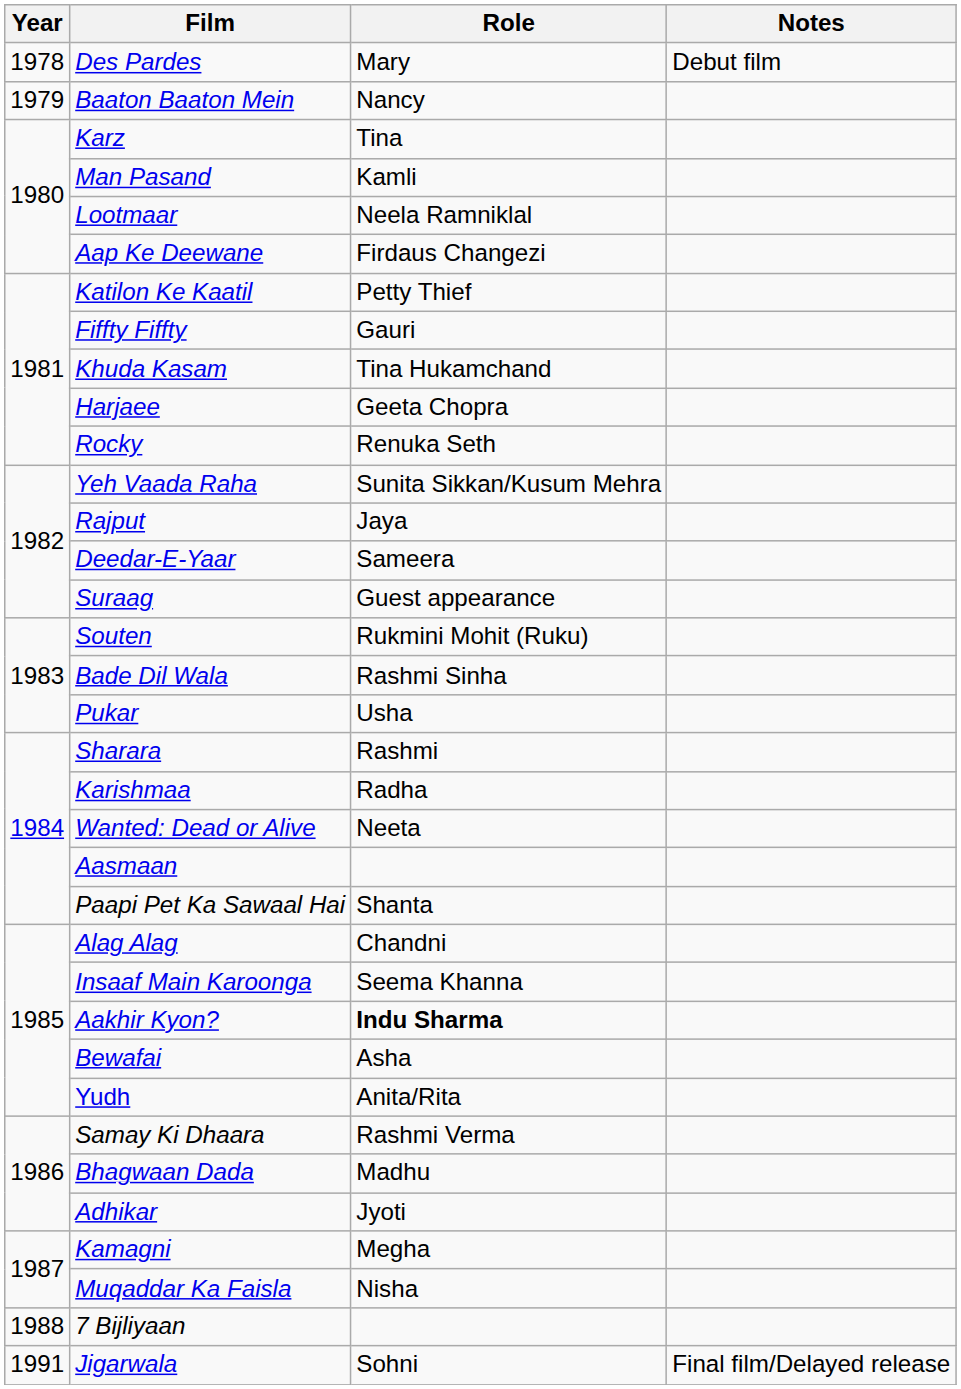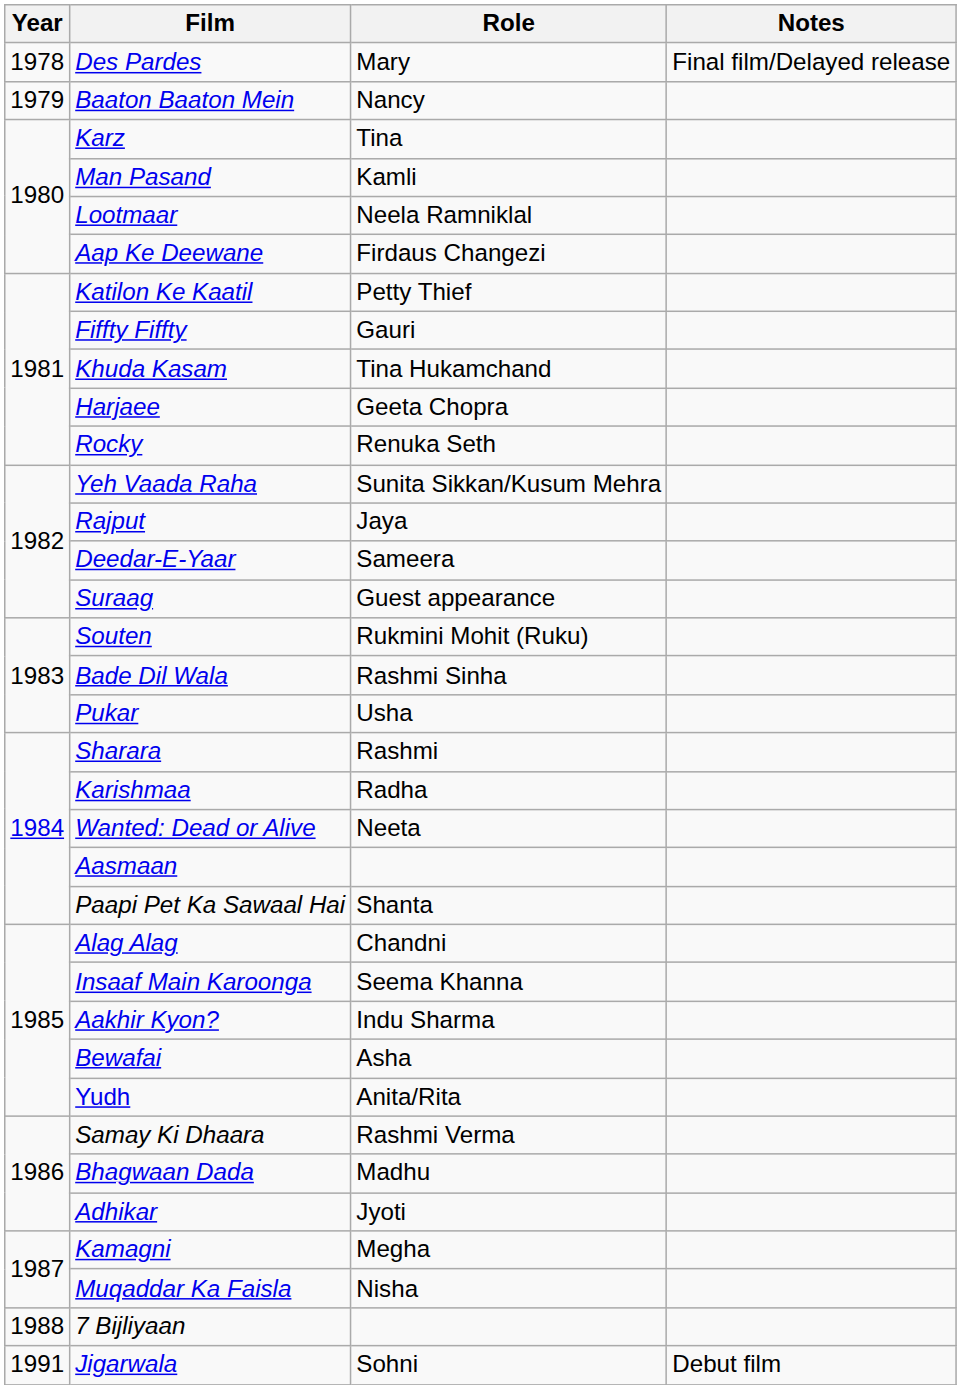 <table class="wikitable">
 <tr>
 <th>Year</th>
 <th>Film</th>
 <th>Role</th>
 <th>Notes</th>
 </tr>
 <tr>
 <td>1978</td>
 <td><em><a href='#'>Des Pardes</a></em></td>
 <td>Mary</td>
-<td>Debut film</td>
+<td>Final film/Delayed release</td>
 </tr>
 <tr>
 <td>1979</td>
 <td><em><a href='#'>Baaton Baaton Mein</a></em></td>
 <td>Nancy</td>
 <td></td>
 </tr>
 <tr>
 <td rowspan="4">1980</td>
 <td><em><a href='#'>Karz</a></em></td>
 <td>Tina</td>
 <td></td>
 </tr>
 <tr>
 <td><em><a href='#'>Man Pasand</a></em></td>
 <td>Kamli</td>
 <td></td>
 </tr>
 <tr>
 <td><em><a href='#'>Lootmaar</a></em></td>
 <td>Neela Ramniklal</td>
 <td></td>
 </tr>
 <tr>
 <td><em><a href='#'>Aap Ke Deewane</a></em></td>
 <td>Firdaus Changezi</td>
 <td></td>
 </tr>
 <tr>
 <td rowspan="5">1981</td>
 <td><em><a href='#'>Katilon Ke Kaatil</a></em></td>
 <td>Petty Thief</td>
 <td></td>
 </tr>
 <tr>
 <td><em><a href='#'>Fiffty Fiffty</a></em></td>
 <td>Gauri</td>
 <td></td>
 </tr>
 <tr>
 <td><em><a href='#'>Khuda Kasam</a></em></td>
 <td>Tina Hukamchand</td>
 <td></td>
 </tr>
 <tr>
 <td><em><a href='#'>Harjaee</a></em></td>
 <td>Geeta Chopra</td>
 <td></td>
 </tr>
 <tr>
 <td><em><a href='#'>Rocky</a></em></td>
 <td>Renuka Seth</td>
 <td></td>
 </tr>
 <tr>
 <td rowspan="4">1982</td>
 <td><em><a href='#'>Yeh Vaada Raha</a></em></td>
 <td>Sunita Sikkan/Kusum Mehra</td>
 <td></td>
 </tr>
 <tr>
 <td><em><a href='#'>Rajput</a></em></td>
 <td>Jaya</td>
 <td></td>
 </tr>
 <tr>
 <td><em><a href='#'>Deedar-E-Yaar</a></em></td>
 <td>Sameera</td>
 <td></td>
 </tr>
 <tr>
 <td><em><a href='#'>Suraag</a></em></td>
 <td>Guest appearance</td>
 <td></td>
 </tr>
 <tr>
 <td rowspan="3">1983</td>
 <td><em><a href='#'>Souten</a></em></td>
 <td>Rukmini Mohit (Ruku)</td>
 <td></td>
 </tr>
 <tr>
 <td><em><a href='#'>Bade Dil Wala</a></em></td>
 <td>Rashmi Sinha</td>
 <td></td>
 </tr>
 <tr>
 <td><em><a href='#'>Pukar</a></em></td>
 <td>Usha</td>
 <td></td>
 </tr>
 <tr>
 <td rowspan="5"><a href='#'>1984</a></td>
 <td><em><a href='#'>Sharara</a></em></td>
 <td>Rashmi</td>
 <td></td>
 </tr>
 <tr>
 <td><em><a href='#'>Karishmaa</a></em></td>
 <td>Radha</td>
 <td></td>
 </tr>
 <tr>
 <td><em><a href='#'>Wanted: Dead or Alive</a></em></td>
 <td>Neeta</td>
 <td></td>
 </tr>
 <tr>
 <td><em><a href='#'>Aasmaan</a></em></td>
 <td></td>
 <td></td>
 </tr>
 <tr>
 <td><em>Paapi Pet Ka Sawaal Hai</em></td>
 <td>Shanta</td>
 <td></td>
 </tr>
 <tr>
 <td rowspan="5">1985</td>
 <td><em><a href='#'>Alag Alag</a></em></td>
 <td>Chandni</td>
 <td></td>
 </tr>
 <tr>
 <td><em><a href='#'>Insaaf Main Karoonga</a></em></td>
 <td>Seema Khanna</td>
 <td></td>
 </tr>
 <tr>
 <td><em><a href='#'>Aakhir Kyon?</a></em></td>
-<td><strong>Indu Sharma</strong></td>
+<td>Indu Sharma</td>
 <td></td>
 </tr>
 <tr>
 <td><em><a href='#'>Bewafai</a></em></td>
 <td>Asha</td>
 <td></td>
 </tr>
 <tr>
 <td><a href='#'>Yudh</a></td>
 <td>Anita/Rita</td>
 <td></td>
 </tr>
 <tr>
 <td rowspan="3">1986</td>
 <td><em>Samay Ki Dhaara</em></td>
 <td>Rashmi Verma</td>
 <td></td>
 </tr>
 <tr>
 <td><em><a href='#'>Bhagwaan Dada</a></em></td>
 <td>Madhu</td>
 <td></td>
 </tr>
 <tr>
 <td><em><a href='#'>Adhikar</a></em></td>
 <td>Jyoti</td>
 <td></td>
 </tr>
 <tr>
 <td rowspan="2">1987</td>
 <td><em><a href='#'>Kamagni</a></em></td>
 <td>Megha</td>
 <td></td>
 </tr>
 <tr>
 <td><em><a href='#'>Muqaddar Ka Faisla</a></em></td>
 <td>Nisha</td>
 <td></td>
 </tr>
 <tr>
 <td>1988</td>
 <td><em>7 Bijliyaan</em></td>
 <td></td>
 <td></td>
 </tr>
 <tr>
 <td>1991</td>
 <td><em><a href='#'>Jigarwala</a></em></td>
 <td>Sohni</td>
-<td>Final film/Delayed release</td>
+<td>Debut film</td>
 </tr>
 </table>
